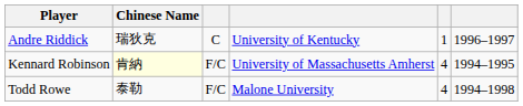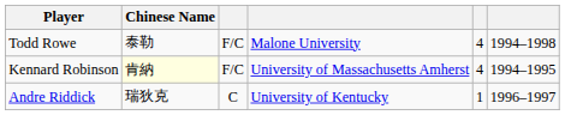 <table class="wikitable sortable" style="font-size:95%; text-align:right;">
 <tr>
 <th>Player</th>
 <th>Chinese Name</th>
 <th></th>
 <th></th>
 <th></th>
 <th></th>
 </tr>
 <tr>
-<td align="left"><a href='#'>Andre Riddick</a></td>
-<td align="left">瑞狄克</td>
-<td align="center">C</td>
-<td align="left"><a href='#'>University of Kentucky</a></td>
-<td align="center">1</td>
-<td align="center">1996–1997</td>
+<td align="left">Todd Rowe</td>
+<td align="left">泰勒</td>
+<td align="center">F/C</td>
+<td align="left"><a href='#'>Malone University</a></td>
+<td align="center">4</td>
+<td align="center">1994–1998</td>
 </tr>
 <tr>
 <td align="left">Kennard Robinson</td>
 <td align="left" style="background: lightyellow;">肯納</td>
 <td align="center">F/C</td>
 <td align="left"><a href='#'>University of Massachusetts Amherst</a></td>
 <td align="center">4</td>
 <td align="center">1994–1995</td>
 </tr>
 <tr>
-<td align="left">Todd Rowe</td>
-<td align="left">泰勒</td>
-<td align="center">F/C</td>
-<td align="left"><a href='#'>Malone University</a></td>
-<td align="center">4</td>
-<td align="center">1994–1998</td>
+<td align="left"><a href='#'>Andre Riddick</a></td>
+<td align="left">瑞狄克</td>
+<td align="center">C</td>
+<td align="left"><a href='#'>University of Kentucky</a></td>
+<td align="center">1</td>
+<td align="center">1996–1997</td>
 </tr>
 </table>
